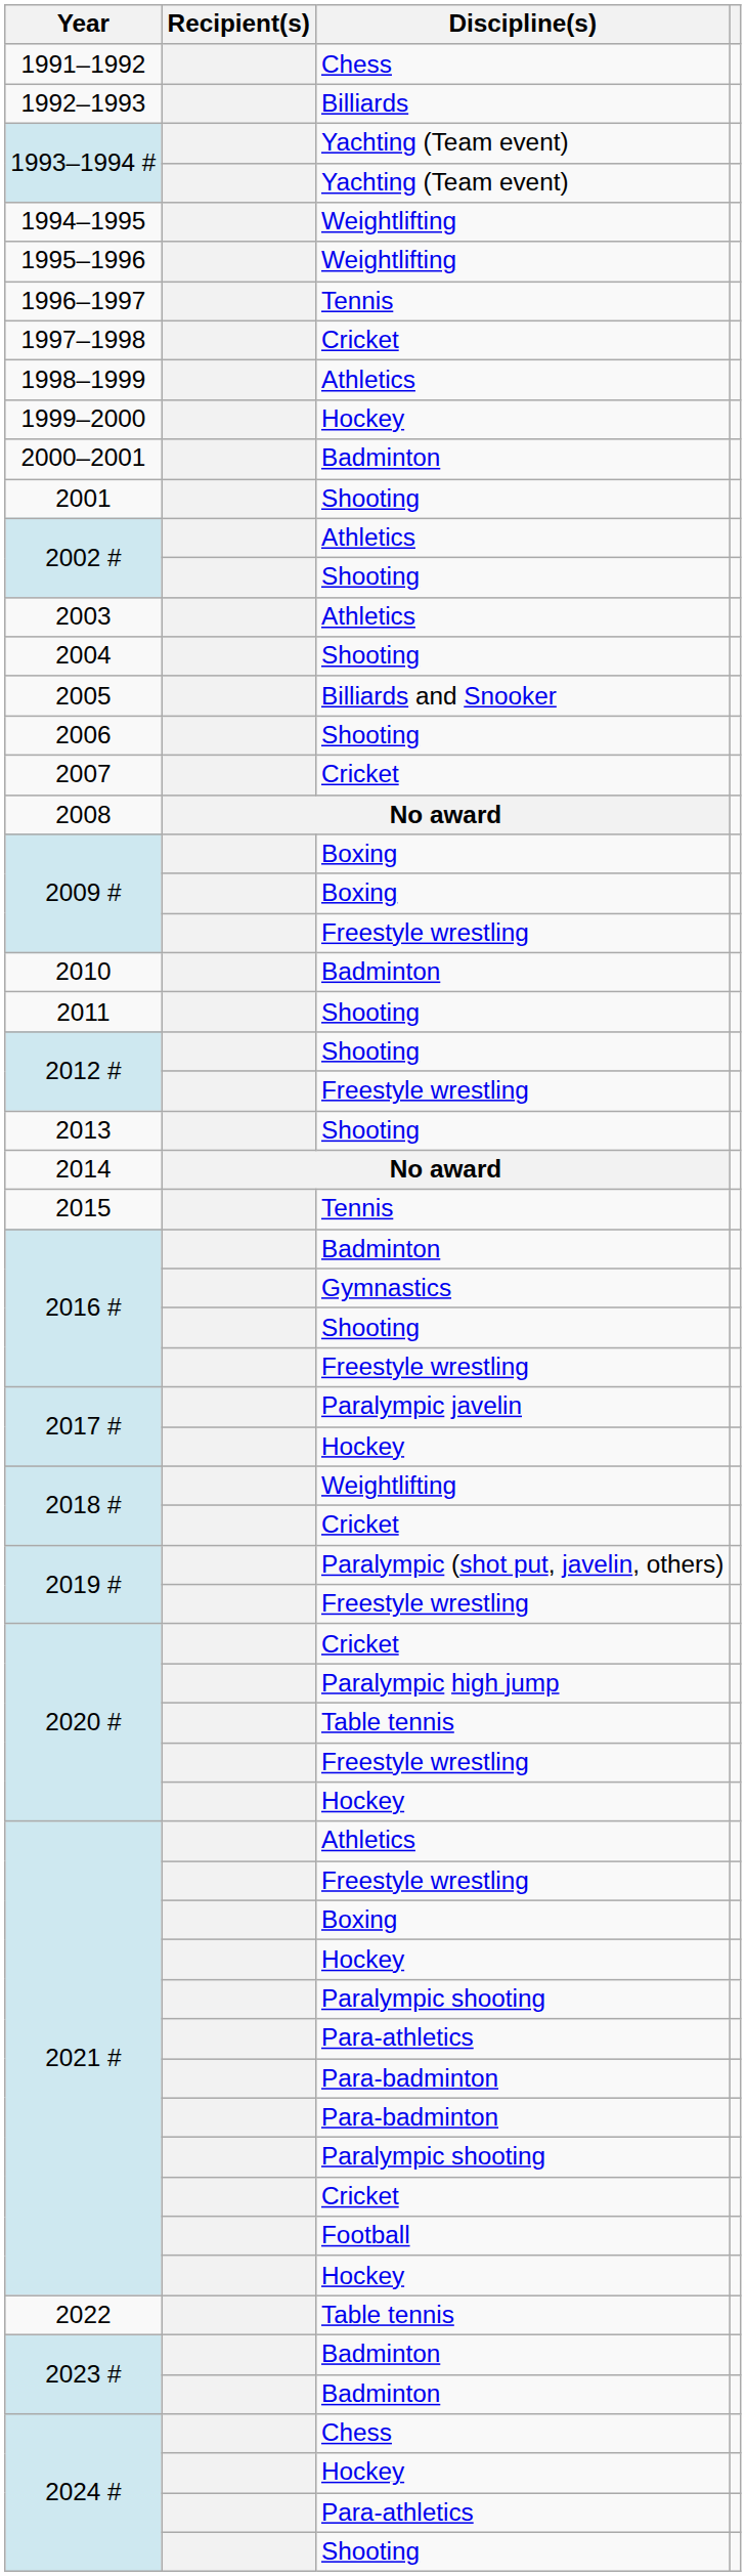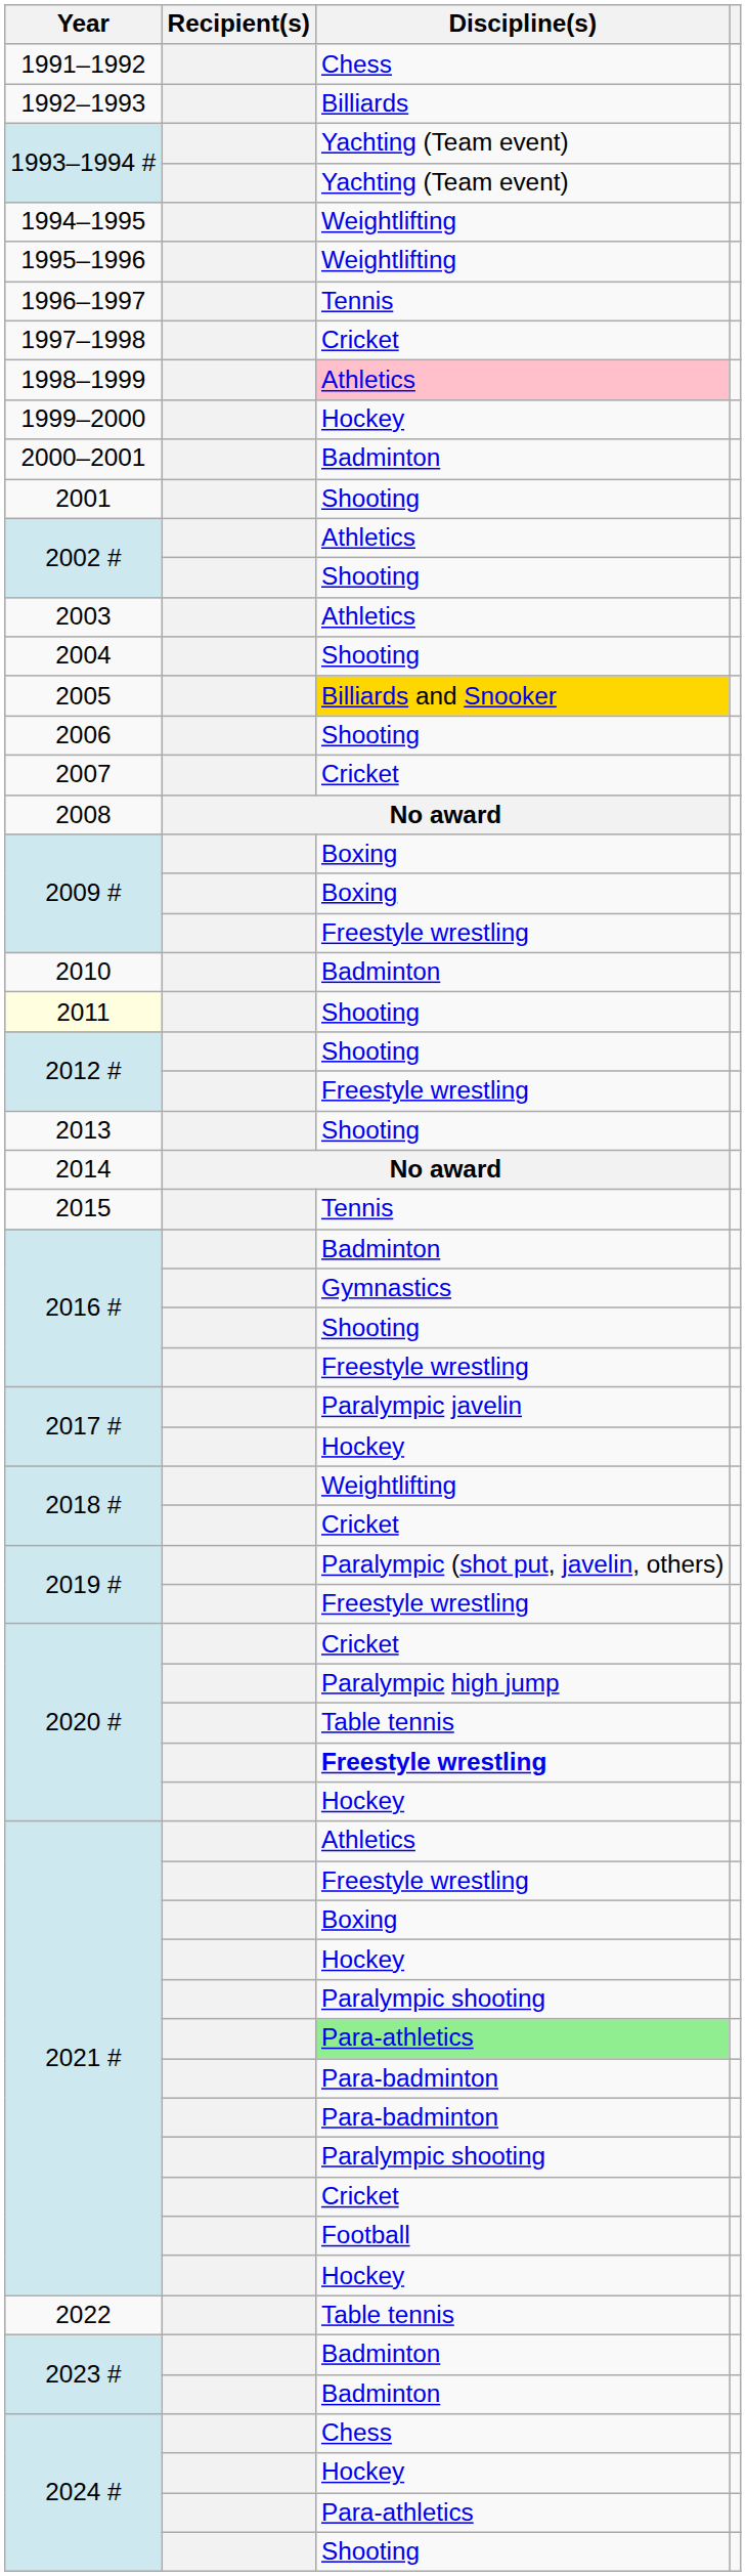 <table class="wikitable plainrowheaders sortable">
 <tr>
 <th scope="col">Year</th>
 <th scope="col">Recipient(s)</th>
 <th scope="col">Discipline(s)</th>
 <th scope="col" class="unsortable" style="text-align:center;"></th>
 </tr>
 <tr>
 <td style="text-align:center;">1991–1992</td>
 <th scope="row"></th>
 <td><a href='#'>Chess</a></td>
 <td align="center"></td>
 </tr>
 <tr>
 <td style="text-align:center;">1992–1993</td>
 <th scope="row"></th>
 <td><a href='#'>Billiards</a></td>
 <td align="center"></td>
 </tr>
 <tr>
 <td style="text-align:center;background-color:#CEE8F0;" rowspan="2">1993–1994 #</td>
 <th scope="row"></th>
 <td><a href='#'>Yachting</a> (Team event)</td>
 <td align="center"></td>
 </tr>
 <tr>
 <th scope="row"></th>
 <td><a href='#'>Yachting</a> (Team event)</td>
 <td align="center"></td>
 </tr>
 <tr>
 <td style="text-align:center;">1994–1995</td>
 <th scope="row"></th>
 <td><a href='#'>Weightlifting</a></td>
 <td align="center"></td>
 </tr>
 <tr>
 <td style="text-align:center;">1995–1996</td>
 <th scope="row"></th>
 <td><a href='#'>Weightlifting</a></td>
 <td align="center"></td>
 </tr>
 <tr>
 <td style="text-align:center;">1996–1997</td>
 <th scope="row"></th>
 <td><a href='#'>Tennis</a></td>
 <td align="center"></td>
 </tr>
 <tr>
 <td style="text-align:center;">1997–1998</td>
 <th scope="row"></th>
 <td><a href='#'>Cricket</a></td>
 <td align="center"></td>
 </tr>
 <tr>
 <td style="text-align:center;">1998–1999</td>
 <th scope="row"></th>
-<td><a href='#'>Athletics</a></td>
+<td style="background: pink;"><a href='#'>Athletics</a></td>
 <td align="center"></td>
 </tr>
 <tr>
 <td style="text-align:center;">1999–2000</td>
 <th scope="row"></th>
 <td><a href='#'>Hockey</a></td>
 <td align="center"></td>
 </tr>
 <tr>
 <td style="text-align:center;">2000–2001</td>
 <th scope="row"></th>
 <td><a href='#'>Badminton</a></td>
 <td align="center"></td>
 </tr>
 <tr>
 <td style="text-align:center;">2001</td>
 <th scope="row"></th>
 <td><a href='#'>Shooting</a></td>
 <td align="center"></td>
 </tr>
 <tr>
 <td style="text-align:center;background-color:#CEE8F0;" rowspan="2">2002 #</td>
 <th scope="row"></th>
 <td><a href='#'>Athletics</a></td>
 <td align="center"></td>
 </tr>
 <tr>
 <th scope="row"></th>
 <td><a href='#'>Shooting</a></td>
 <td align="center"></td>
 </tr>
 <tr>
 <td style="text-align:center;">2003</td>
 <th scope="row"></th>
 <td><a href='#'>Athletics</a></td>
 <td align="center"></td>
 </tr>
 <tr>
 <td style="text-align:center;">2004</td>
 <th scope="row"></th>
 <td><a href='#'>Shooting</a></td>
 <td align="center"></td>
 </tr>
 <tr>
 <td style="text-align:center;">2005</td>
 <th scope="row"></th>
-<td><a href='#'>Billiards</a> and <a href='#'>Snooker</a></td>
+<td style="background: gold;"><a href='#'>Billiards</a> and <a href='#'>Snooker</a></td>
 <td align="center"></td>
 </tr>
 <tr>
 <td style="text-align:center;">2006</td>
 <th scope="row"></th>
 <td><a href='#'>Shooting</a></td>
 <td align="center"></td>
 </tr>
 <tr>
 <td style="text-align:center;">2007</td>
 <th scope="row"></th>
 <td><a href='#'>Cricket</a></td>
 <td align="center"></td>
 </tr>
 <tr>
 <td style="text-align:center;">2008</td>
 <th scope="row" colspan="2" style="text-align:center;">No award</th>
 <td align="center"></td>
 </tr>
 <tr>
 <td style="text-align:center;background-color:#CEE8F0;" rowspan="3">2009 #</td>
 <th scope="row"></th>
 <td><a href='#'>Boxing</a></td>
 <td align="center"></td>
 </tr>
 <tr>
 <th scope="row"></th>
 <td><a href='#'>Boxing</a></td>
 <td align="center"></td>
 </tr>
 <tr>
 <th scope="row"></th>
 <td><a href='#'>Freestyle wrestling</a></td>
 <td align="center"></td>
 </tr>
 <tr>
 <td style="text-align:center;">2010</td>
 <th scope="row"></th>
 <td><a href='#'>Badminton</a></td>
 <td align="center"></td>
 </tr>
 <tr>
-<td style="text-align:center;">2011</td>
+<td style="background: lightyellow; text-align:center;">2011</td>
 <th scope="row"></th>
 <td><a href='#'>Shooting</a></td>
 <td align="center"></td>
 </tr>
 <tr>
 <td style="text-align:center;background-color:#CEE8F0;" rowspan="2">2012 #</td>
 <th scope="row"></th>
 <td><a href='#'>Shooting</a></td>
 <td align="center"></td>
 </tr>
 <tr>
 <th scope="row"></th>
 <td><a href='#'>Freestyle wrestling</a></td>
 <td align="center"></td>
 </tr>
 <tr>
 <td style="text-align:center;">2013</td>
 <th scope="row"></th>
 <td><a href='#'>Shooting</a></td>
 <td align="center"></td>
 </tr>
 <tr>
 <td style="text-align:center;">2014</td>
 <th scope="row" colspan="2" style="text-align:center;">No award</th>
 <td align="center"></td>
 </tr>
 <tr>
 <td style="text-align:center;">2015</td>
 <th scope="row"></th>
 <td><a href='#'>Tennis</a></td>
 <td align="center"></td>
 </tr>
 <tr>
 <td style="text-align:center;background-color:#CEE8F0;" rowspan="4">2016 #</td>
 <th scope="row"></th>
 <td><a href='#'>Badminton</a></td>
 <td align="center"></td>
 </tr>
 <tr>
 <th scope="row"></th>
 <td><a href='#'>Gymnastics</a></td>
 <td align="center"></td>
 </tr>
 <tr>
 <th scope="row"></th>
 <td><a href='#'>Shooting</a></td>
 <td align="center"></td>
 </tr>
 <tr>
 <th scope="row"></th>
 <td><a href='#'>Freestyle wrestling</a></td>
 <td align="center"></td>
 </tr>
 <tr>
 <td style="text-align:center;background-color:#CEE8F0;" rowspan="2">2017 #</td>
 <th scope="row"></th>
 <td><a href='#'>Paralympic</a> <a href='#'>javelin</a></td>
 <td align="center"></td>
 </tr>
 <tr>
 <th scope="row"></th>
 <td><a href='#'>Hockey</a></td>
 <td align="center"></td>
 </tr>
 <tr>
 <td style="text-align:center;background-color:#CEE8F0;" rowspan="2">2018 #</td>
 <th scope="row"></th>
 <td><a href='#'>Weightlifting</a></td>
 <td align="center"></td>
 </tr>
 <tr>
 <th scope="row"></th>
 <td><a href='#'>Cricket</a></td>
 <td align="center"></td>
 </tr>
 <tr>
 <td style="text-align:center;background-color:#CEE8F0;" rowspan="2">2019 #</td>
 <th scope="row"></th>
 <td><a href='#'>Paralympic</a> (<a href='#'>shot put</a>, <a href='#'>javelin</a>, others)</td>
 <td align="center"></td>
 </tr>
 <tr>
 <th scope="row"></th>
 <td><a href='#'>Freestyle wrestling</a></td>
 <td align="center"></td>
 </tr>
 <tr>
 <td style="text-align:center;background-color:#CEE8F0;" rowspan="5">2020 #</td>
 <th scope="row"></th>
 <td><a href='#'>Cricket</a></td>
 <td align="center"></td>
 </tr>
 <tr>
 <th scope="row"></th>
 <td><a href='#'>Paralympic</a> <a href='#'>high jump</a></td>
 <td align="center"></td>
 </tr>
 <tr>
 <th scope="row"></th>
 <td><a href='#'>Table tennis</a></td>
 <td align="center"></td>
 </tr>
 <tr>
 <th scope="row"></th>
-<td><a href='#'>Freestyle wrestling</a></td>
+<td><strong><a href='#'>Freestyle wrestling</a></strong></td>
 <td align="center"></td>
 </tr>
 <tr>
 <th scope="row"></th>
 <td><a href='#'>Hockey</a></td>
 <td align="center"></td>
 </tr>
 <tr>
 <td style="text-align:center;background-color:#CEE8F0;" rowspan="12">2021 #</td>
 <th scope="row"></th>
 <td><a href='#'>Athletics</a></td>
 <td align="center"></td>
 </tr>
 <tr>
 <th scope="row"></th>
 <td><a href='#'>Freestyle wrestling</a></td>
 <td align="center"></td>
 </tr>
 <tr>
 <th scope="row"></th>
 <td><a href='#'>Boxing</a></td>
 <td align="center"></td>
 </tr>
 <tr>
 <th scope="row"></th>
 <td><a href='#'>Hockey</a></td>
 <td align="center"></td>
 </tr>
 <tr>
 <th scope="row"></th>
 <td><a href='#'>Paralympic shooting</a></td>
 <td align="center"></td>
 </tr>
 <tr>
 <th scope="row"></th>
-<td><a href='#'>Para-athletics</a></td>
+<td style="background: lightgreen;"><a href='#'>Para-athletics</a></td>
 <td align="center"></td>
 </tr>
 <tr>
 <th scope="row"></th>
 <td><a href='#'>Para-badminton</a></td>
 <td align="center"></td>
 </tr>
 <tr>
 <th scope="row"></th>
 <td><a href='#'>Para-badminton</a></td>
 <td align="center"></td>
 </tr>
 <tr>
 <th scope="row"></th>
 <td><a href='#'>Paralympic shooting</a></td>
 <td align="center"></td>
 </tr>
 <tr>
 <th scope="row"></th>
 <td><a href='#'>Cricket</a></td>
 <td align="center"></td>
 </tr>
 <tr>
 <th scope="row"></th>
 <td><a href='#'>Football</a></td>
 <td align="center"></td>
 </tr>
 <tr>
 <th scope="row"></th>
 <td><a href='#'>Hockey</a></td>
 <td align="center"></td>
 </tr>
 <tr>
 <td style="text-align:center;" rowspan="1">2022</td>
 <th scope="row"></th>
 <td><a href='#'>Table tennis</a></td>
 <td align="center"></td>
 </tr>
 <tr>
 <td style="text-align:center;background-color:#CEE8F0;" rowspan="2">2023 #</td>
 <th scope="row"></th>
 <td><a href='#'>Badminton</a></td>
 <td align="center"></td>
 </tr>
 <tr>
 <th scope="row"></th>
 <td><a href='#'>Badminton</a></td>
 <td align="center"></td>
 </tr>
 <tr>
 <td style="text-align:center;background-color:#CEE8F0;" rowspan="4">2024 #</td>
 <th scope="row"></th>
 <td><a href='#'>Chess</a></td>
 <td align="center"></td>
 </tr>
 <tr>
 <th scope="row"></th>
 <td><a href='#'>Hockey</a></td>
 <td align="center"></td>
 </tr>
 <tr>
 <th scope="row"></th>
 <td><a href='#'>Para-athletics</a></td>
 <td align="center"></td>
 </tr>
 <tr>
 <th scope="row"></th>
 <td><a href='#'>Shooting</a></td>
 <td align="center"></td>
 </tr>
 </table>
